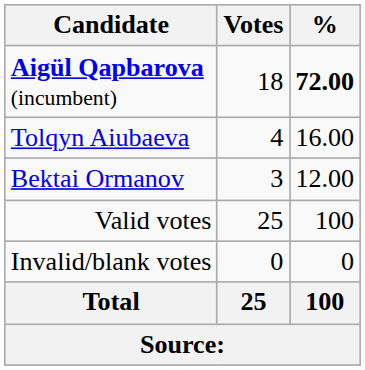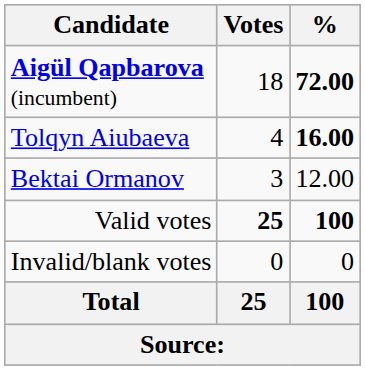 <table class="wikitable" style="text-align:right">
 <tr>
 <th>Candidate</th>
 <th>Votes</th>
 <th>%</th>
 </tr>
 <tr>
 <td align="left"><strong><a href='#'>Aigül Qapbarova</a></strong><br><small>(incumbent)</small></td>
 <td>18</td>
 <td><strong>72.00</strong></td>
 </tr>
 <tr>
 <td align="left"><a href='#'>Tolqyn Aiubaeva</a></td>
 <td>4</td>
-<td>16.00</td>
+<td><strong>16.00</strong></td>
 </tr>
 <tr>
 <td align="left"><a href='#'>Bektai Ormanov</a></td>
 <td>3</td>
 <td>12.00</td>
 </tr>
 <tr>
 <td>Valid votes</td>
-<td>25</td>
-<td>100</td>
+<td><strong>25</strong></td>
+<td><strong>100</strong></td>
 </tr>
 <tr>
 <td>Invalid/blank votes</td>
 <td>0</td>
 <td>0</td>
 </tr>
 <tr>
 <th>Total</th>
 <th>25</th>
 <th>100</th>
 </tr>
 <tr>
 <th colspan="3">Source: </th>
 </tr>
 </table>
